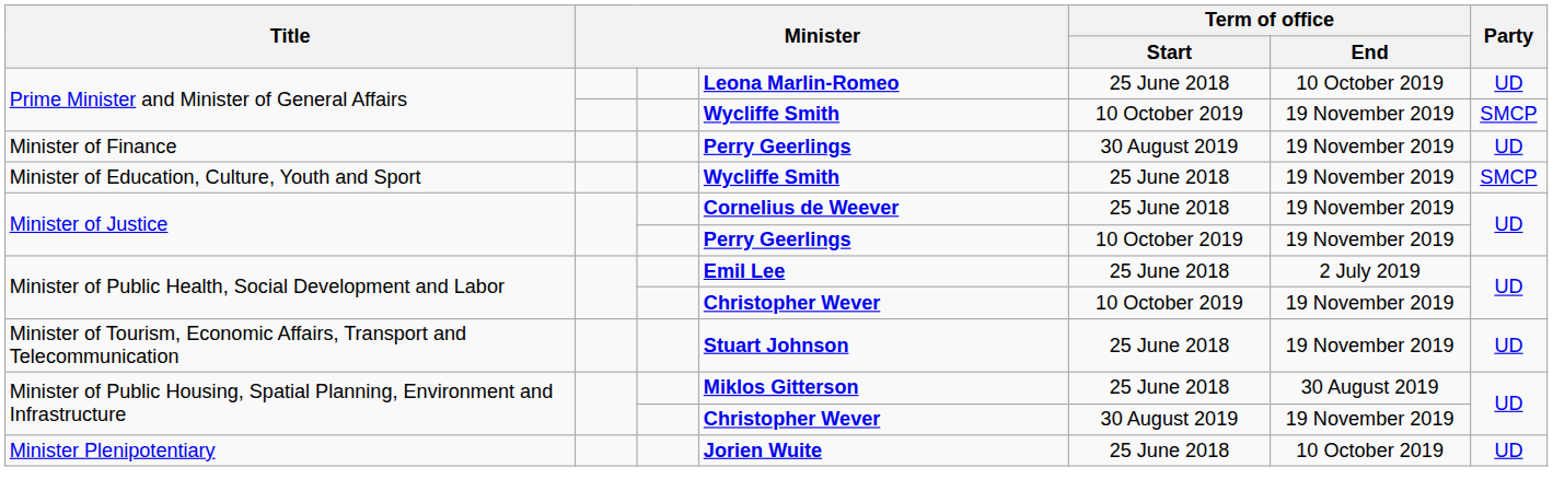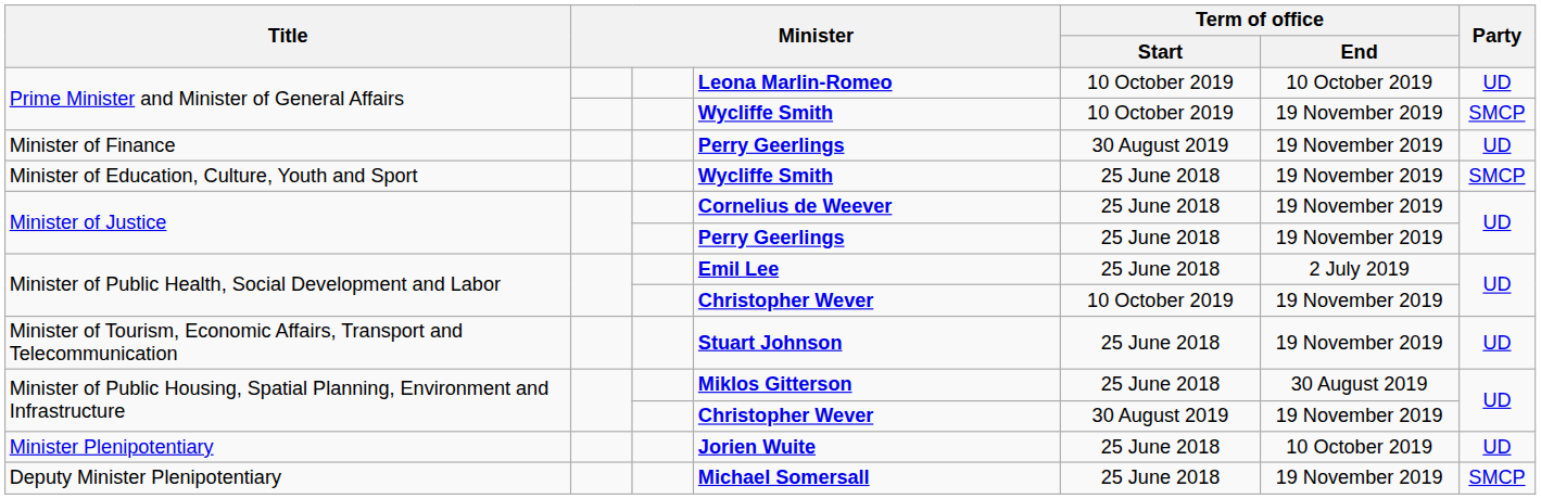 <table class="wikitable sortable" style="text-align:left">
 <tr>
 <th rowspan="2" width="37%">Title</th>
 <th colspan="3" rowspan="2">Minister</th>
 <th colspan="2">Term of office</th>
 <th rowspan="2" width="5%">Party</th>
 </tr>
 <tr>
 <th width="13%" data-sort-type=date>Start</th>
 <th width="13%" data-sort-type=date>End</th>
 </tr>
 <tr>
 <td rowspan="2"><a href='#'>Prime Minister</a> and Minister of General Affairs</td>
 <td style="background:"></td>
 <td></td>
 <td width="24%"><strong><a href='#'>Leona Marlin-Romeo</a></strong></td>
-<td style="text-align:center">25 June 2018</td>
+<td style="text-align:center">10 October 2019</td>
 <td style="text-align:center">10 October 2019</td>
 <td style="text-align:center"><a href='#'>UD</a></td>
 </tr>
 <tr>
 <td style="background:"></td>
 <td></td>
 <td width="24%"><strong><a href='#'>Wycliffe Smith</a></strong></td>
 <td style="text-align:center">10 October 2019</td>
 <td style="text-align:center">19 November 2019</td>
 <td style="text-align:center"><a href='#'>SMCP</a></td>
 </tr>
 <tr>
 <td>Minister of Finance</td>
 <td style="background:"></td>
 <td></td>
 <td width="24%"><strong><a href='#'>Perry Geerlings</a></strong></td>
 <td style="text-align:center">30 August 2019</td>
 <td style="text-align:center">19 November 2019</td>
 <td style="text-align:center"><a href='#'>UD</a></td>
 </tr>
 <tr>
 <td>Minister of Education, Culture, Youth and Sport</td>
 <td style="background:"></td>
 <td></td>
 <td width="24%"><strong><a href='#'>Wycliffe Smith</a></strong></td>
 <td style="text-align:center">25 June 2018</td>
 <td style="text-align:center">19 November 2019</td>
 <td style="text-align:center"><a href='#'>SMCP</a></td>
 </tr>
 <tr>
 <td rowspan="2"><a href='#'>Minister of Justice</a></td>
 <td rowspan="2" style="background:"></td>
 <td></td>
 <td width="24%"><strong><a href='#'>Cornelius de Weever</a></strong></td>
 <td style="text-align:center">25 June 2018</td>
 <td style="text-align:center">19 November 2019</td>
 <td rowspan="2" style="text-align:center"><a href='#'>UD</a></td>
 </tr>
 <tr>
 <td></td>
 <td width="24%"><strong><a href='#'>Perry Geerlings</a></strong></td>
-<td style="text-align:center">10 October 2019</td>
+<td style="text-align:center">25 June 2018</td>
 <td style="text-align:center">19 November 2019</td>
 </tr>
 <tr>
 <td rowspan="2">Minister of Public Health, Social Development and Labor</td>
 <td rowspan="2" style="background:"></td>
 <td></td>
 <td width="24%"><strong><a href='#'>Emil Lee</a></strong></td>
 <td style="text-align:center">25 June 2018</td>
 <td style="text-align:center">2 July 2019</td>
 <td rowspan="2" style="text-align:center"><a href='#'>UD</a></td>
 </tr>
 <tr>
 <td></td>
 <td width="24%"><strong><a href='#'>Christopher Wever</a></strong></td>
 <td style="text-align:center">10 October 2019</td>
 <td style="text-align:center">19 November 2019</td>
 </tr>
 <tr>
 <td>Minister of Tourism, Economic Affairs, Transport and Telecommunication</td>
 <td style="background:"></td>
 <td></td>
 <td width="24%"><strong><a href='#'>Stuart Johnson</a></strong></td>
 <td style="text-align:center">25 June 2018</td>
 <td style="text-align:center">19 November 2019</td>
 <td style="text-align:center"><a href='#'>UD</a></td>
 </tr>
 <tr>
 <td rowspan="2">Minister of Public Housing, Spatial Planning, Environment and Infrastructure</td>
 <td rowspan="2" style="background:"></td>
 <td></td>
 <td width="24%"><strong><a href='#'>Miklos Gitterson</a></strong></td>
 <td style="text-align:center">25 June 2018</td>
 <td style="text-align:center">30 August 2019</td>
 <td rowspan="2" style="text-align:center"><a href='#'>UD</a></td>
 </tr>
 <tr>
 <td></td>
 <td width="24%"><strong><a href='#'>Christopher Wever</a></strong></td>
 <td style="text-align:center">30 August 2019</td>
 <td style="text-align:center">19 November 2019</td>
 </tr>
 <tr>
 <td><a href='#'>Minister Plenipotentiary</a></td>
 <td style="background:"></td>
 <td></td>
 <td width="24%"><strong><a href='#'>Jorien Wuite</a></strong></td>
 <td style="text-align:center">25 June 2018</td>
 <td style="text-align:center">10 October 2019</td>
 <td style="text-align:center"><a href='#'>UD</a></td>
 </tr>
+<tr>
+<td>Deputy Minister Plenipotentiary</td>
+<td style="background:"></td>
+<td></td>
+<td width="24%"><strong><a href='#'>Michael Somersall</a></strong></td>
+<td style="text-align:center">25 June 2018</td>
+<td style="text-align:center">19 November 2019</td>
+<td style="text-align:center"><a href='#'>SMCP</a></td>
+</tr>
 </table>
